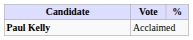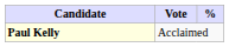 <table class="wikitable">
 <tr>
 <th style="background:#ddf; width:200px;">Candidate</th>
 <th style="background:#ddf; width:50px;">Vote</th>
 <th style="background:#ddf; width:30px;">%</th>
 </tr>
 <tr>
-<td><strong>Paul Kelly</strong></td>
+<td style="background: lightyellow;"><strong>Paul Kelly</strong></td>
 <td colspan="2">Acclaimed</td>
 </tr>
 </table>
